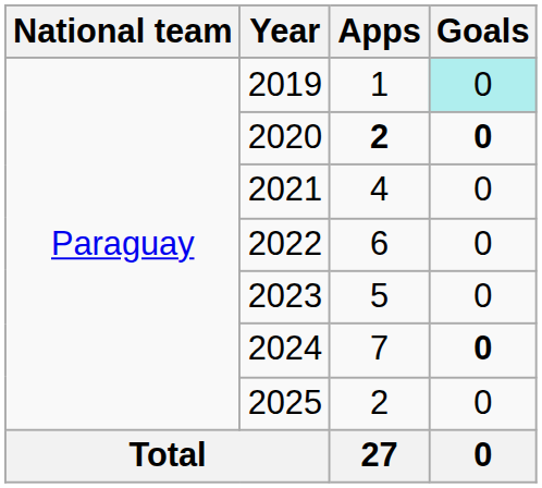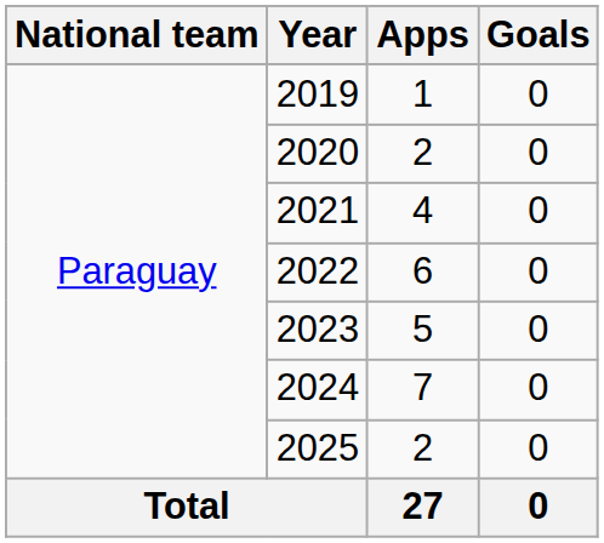 <table class="wikitable" style="text-align:center">
 <tr>
 <th>National team</th>
 <th>Year</th>
 <th>Apps</th>
 <th>Goals</th>
 </tr>
 <tr>
 <td rowspan="7"><a href='#'>Paraguay</a></td>
 <td>2019</td>
 <td>1</td>
-<td style="background: paleturquoise;">0</td>
+<td>0</td>
 </tr>
 <tr>
 <td>2020</td>
-<td><strong>2</strong></td>
-<td><strong>0</strong></td>
+<td>2</td>
+<td>0</td>
 </tr>
 <tr>
 <td>2021</td>
 <td>4</td>
 <td>0</td>
 </tr>
 <tr>
 <td>2022</td>
 <td>6</td>
 <td>0</td>
 </tr>
 <tr>
 <td>2023</td>
 <td>5</td>
 <td>0</td>
 </tr>
 <tr>
 <td>2024</td>
 <td>7</td>
-<td><strong>0</strong></td>
+<td>0</td>
 </tr>
 <tr>
 <td>2025</td>
 <td>2</td>
 <td>0</td>
 </tr>
 <tr>
 <th colspan="2">Total</th>
 <th>27</th>
 <th>0</th>
 </tr>
 </table>
